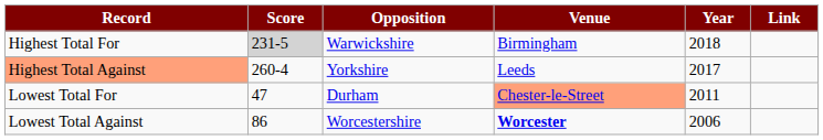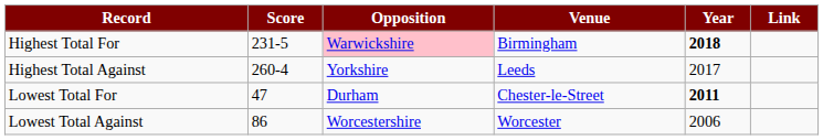 <table class="wikitable" style="font-size:95%;" width="62%">
 <tr>
 <th style="background: maroon; color:white" align=right>Record</th>
 <th style="background: maroon; color:white" align=right>Score</th>
 <th style="background: maroon; color:white" align=right>Opposition</th>
 <th style="background: maroon; color:white" align=right>Venue</th>
 <th style="background: maroon; color:white" align=right>Year</th>
 <th style="background: maroon; color:white" align=right>Link</th>
 </tr>
 <tr>
 <td>Highest Total For</td>
-<td style="background: lightgrey;">231-5</td>
-<td><a href='#'>Warwickshire</a></td>
+<td>231-5</td>
+<td style="background: pink;"><a href='#'>Warwickshire</a></td>
 <td><a href='#'>Birmingham</a></td>
-<td>2018</td>
+<td><strong>2018</strong></td>
 <td></td>
 </tr>
 <tr>
-<td style="background: lightsalmon;">Highest Total Against</td>
+<td>Highest Total Against</td>
 <td>260-4</td>
 <td><a href='#'>Yorkshire</a></td>
 <td><a href='#'>Leeds</a></td>
 <td>2017</td>
 <td></td>
 </tr>
 <tr>
 <td>Lowest Total For</td>
 <td>47</td>
 <td><a href='#'>Durham</a></td>
-<td style="background: lightsalmon;"><a href='#'>Chester-le-Street</a></td>
-<td>2011</td>
+<td><a href='#'>Chester-le-Street</a></td>
+<td><strong>2011</strong></td>
 <td></td>
 </tr>
 <tr>
 <td>Lowest Total Against</td>
 <td>86</td>
 <td><a href='#'>Worcestershire</a></td>
-<td><strong><a href='#'>Worcester</a></strong></td>
+<td><a href='#'>Worcester</a></td>
 <td>2006</td>
 <td></td>
 </tr>
 </table>
